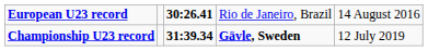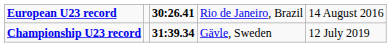 <table class="wikitable">
 <tr>
 <td><strong><a href='#'>European U23 record</a></strong></td>
 <td></td>
 <td><strong>30:26.41</strong></td>
 <td><a href='#'>Rio de Janeiro</a>, Brazil</td>
 <td>14 August 2016</td>
 </tr>
 <tr>
 <td><strong><a href='#'>Championship U23 record</a></strong></td>
 <td></td>
 <td><strong>31:39.34</strong></td>
-<td><strong><a href='#'>Gävle</a>, Sweden</strong></td>
+<td><a href='#'>Gävle</a>, Sweden</td>
 <td>12 July 2019</td>
 </tr>
 </table>
